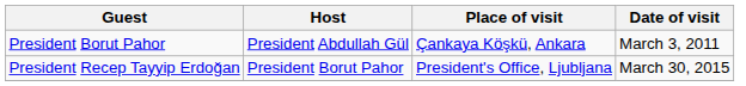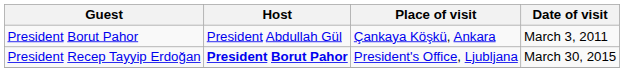 <table class="wikitable" border="1">
 <tr>
 <th>Guest</th>
 <th>Host</th>
 <th>Place of visit</th>
 <th>Date of visit</th>
 </tr>
 <tr>
 <td> <a href='#'>President</a> <a href='#'>Borut Pahor</a></td>
 <td> <a href='#'>President</a> <a href='#'>Abdullah Gül</a></td>
 <td><a href='#'>Çankaya Köşkü</a>, <a href='#'>Ankara</a></td>
 <td>March 3, 2011</td>
 </tr>
 <tr>
 <td> <a href='#'>President</a> <a href='#'>Recep Tayyip Erdoğan</a></td>
-<td> <a href='#'>President</a> <a href='#'>Borut Pahor</a></td>
+<td><strong> <a href='#'>President</a> <a href='#'>Borut Pahor</a></strong></td>
 <td><a href='#'>President's Office</a>, <a href='#'>Ljubljana</a></td>
 <td>March 30, 2015</td>
 </tr>
 <tr>
 </tr>
 </table>
